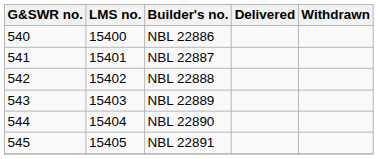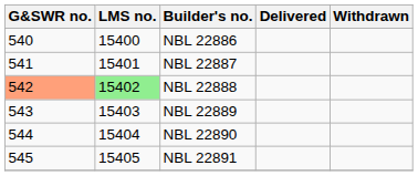 <table class="wikitable sortable">
 <tr>
 <th>G&SWR no.</th>
 <th>LMS no.</th>
 <th>Builder's no.</th>
 <th>Delivered</th>
 <th>Withdrawn</th>
 </tr>
 <tr>
 <td>540</td>
 <td>15400</td>
 <td>NBL 22886</td>
 <td></td>
 <td></td>
 </tr>
 <tr>
 <td>541</td>
 <td>15401</td>
 <td>NBL 22887</td>
 <td></td>
 <td></td>
 </tr>
 <tr>
-<td>542</td>
-<td>15402</td>
+<td style="background: lightsalmon;">542</td>
+<td style="background: lightgreen;">15402</td>
 <td>NBL 22888</td>
 <td></td>
 <td></td>
 </tr>
 <tr>
 <td>543</td>
 <td>15403</td>
 <td>NBL 22889</td>
 <td></td>
 <td></td>
 </tr>
 <tr>
 <td>544</td>
 <td>15404</td>
 <td>NBL 22890</td>
 <td></td>
 <td></td>
 </tr>
 <tr>
 <td>545</td>
 <td>15405</td>
 <td>NBL 22891</td>
 <td></td>
 <td></td>
 </tr>
 <tr>
 </tr>
 </table>
